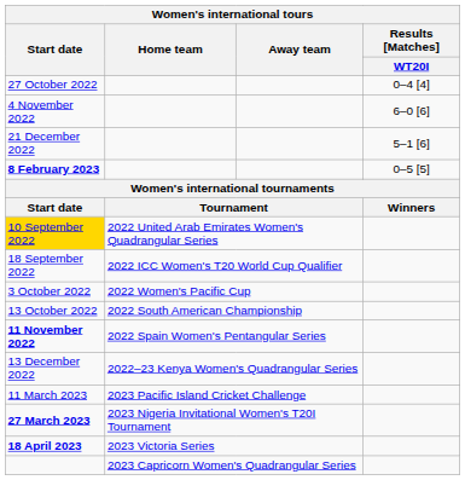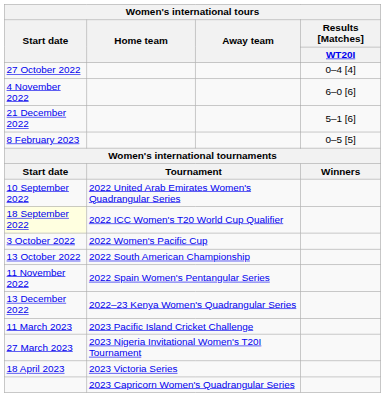 <table class="wikitable" style="text-align:center;">
 <tr>
 <th colspan="6">Women's international tours</th>
 </tr>
 <tr>
 <th rowspan=2>Start date</th>
 <th rowspan=2>Home team</th>
 <th rowspan=2>Away team</th>
 <th colspan=3>Results [Matches]</th>
 </tr>
 <tr>
 <th colspan=3><a href='#'>WT20I</a></th>
 </tr>
 <tr>
 <td style="text-align:left"><a href='#'>27 October 2022</a></td>
 <td style="text-align:left"></td>
 <td style="text-align:left"></td>
 <td colspan=3>0–4 [4]</td>
 </tr>
 <tr>
 <td style="text-align:left"><a href='#'>4 November 2022</a></td>
 <td style="text-align:left"></td>
 <td style="text-align:left"></td>
 <td colspan=3>6–0 [6]</td>
 </tr>
 <tr>
 <td style="text-align:left"><a href='#'>21 December 2022</a></td>
 <td style="text-align:left"></td>
 <td style="text-align:left"></td>
 <td colspan=3>5–1 [6]</td>
 </tr>
 <tr>
-<td style="text-align:left"><strong><a href='#'>8 February 2023</a></strong></td>
+<td style="text-align:left"><a href='#'>8 February 2023</a></td>
 <td style="text-align:left"></td>
 <td style="text-align:left"></td>
 <td colspan=3>0–5 [5]</td>
 </tr>
 <tr>
 <th colspan="6">Women's international tournaments</th>
 </tr>
 <tr>
 <th>Start date</th>
 <th colspan=3>Tournament</th>
 <th colspan="2">Winners</th>
 </tr>
 <tr>
-<td style="background: gold; text-align:left"><a href='#'>10 September 2022</a></td>
+<td style="text-align:left"><a href='#'>10 September 2022</a></td>
 <td style="text-align:left" colspan=3> <a href='#'>2022 United Arab Emirates Women's Quadrangular Series</a></td>
 <td colspan="2" style="text-align:left"></td>
 </tr>
 <tr>
-<td style="text-align:left"><a href='#'>18 September 2022</a></td>
+<td style="background: lightyellow; text-align:left"><a href='#'>18 September 2022</a></td>
 <td style="text-align:left" colspan=3> <a href='#'>2022 ICC Women's T20 World Cup Qualifier</a></td>
 <td colspan="2" style="text-align:left"></td>
 </tr>
 <tr>
 <td style="text-align:left"><a href='#'>3 October 2022</a></td>
 <td style="text-align:left" colspan=3> <a href='#'>2022 Women's Pacific Cup</a></td>
 <td colspan="2" style="text-align:left"></td>
 </tr>
 <tr>
 <td style="text-align:left"><a href='#'>13 October 2022</a></td>
 <td style="text-align:left" colspan=3> <a href='#'>2022 South American Championship</a></td>
 <td colspan="2" style="text-align:left"></td>
 </tr>
 <tr>
-<td style="text-align:left"><strong><a href='#'>11 November 2022</a></strong></td>
+<td style="text-align:left"><a href='#'>11 November 2022</a></td>
 <td style="text-align:left" colspan=3> <a href='#'>2022 Spain Women's Pentangular Series</a></td>
 <td colspan="2" style="text-align:left"></td>
 </tr>
 <tr>
 <td style="text-align:left"><a href='#'>13 December 2022</a></td>
 <td style="text-align:left" colspan=3> <a href='#'>2022–23 Kenya Women's Quadrangular Series</a></td>
 <td colspan="2" style="text-align:left"></td>
 </tr>
 <tr>
 <td style="text-align:left"><a href='#'>11 March 2023</a></td>
 <td style="text-align:left" colspan=3> <a href='#'>2023 Pacific Island Cricket Challenge</a></td>
 <td colspan="2" style="text-align:left"></td>
 </tr>
 <tr>
-<td style="text-align:left"><strong><a href='#'>27 March 2023</a></strong></td>
+<td style="text-align:left"><a href='#'>27 March 2023</a></td>
 <td style="text-align:left" colspan=3> <a href='#'>2023 Nigeria Invitational Women's T20I Tournament</a></td>
 <td colspan="2" style="text-align:left"></td>
 </tr>
 <tr>
-<td style="text-align:left"><strong><a href='#'>18 April 2023</a></strong></td>
+<td style="text-align:left"><a href='#'>18 April 2023</a></td>
 <td style="text-align:left" colspan=3> <a href='#'>2023 Victoria Series</a></td>
 <td colspan="2" style="text-align:left"></td>
 </tr>
 <tr>
 <td style="text-align:left"><a href='#'></a></td>
 <td style="text-align:left" colspan=3> <a href='#'>2023 Capricorn Women's Quadrangular Series</a></td>
 <td style="text-align:left" colspan=2></td>
 </tr>
 </table>
